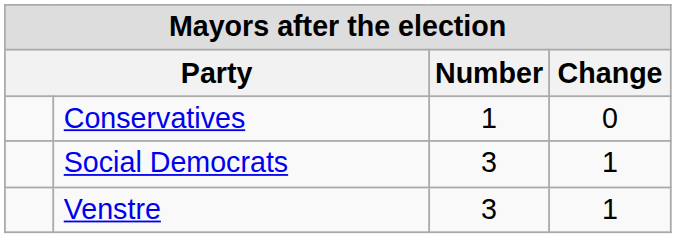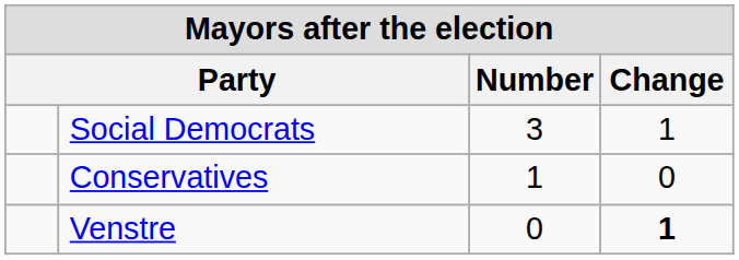 <table class="wikitable" style="">
 <tr>
 <td colspan="4" style="background:#dddddd; text-align:center;"><strong>Mayors after the election</strong></td>
 </tr>
 <tr>
 <th colspan="2">Party</th>
 <th style="width:60px;">Number</th>
 <th style="width:60px;">Change</th>
 </tr>
 <tr>
 <td style="background:"></td>
+<td style="padding-left:5px;"><a href='#'>Social Democrats</a></td>
+<td style="text-align:center;">3</td>
+<td style="text-align:center;"> 1</td>
+</tr>
+<tr>
+<td style="background:"></td>
 <td style="padding-left:5px;"><a href='#'>Conservatives</a></td>
 <td style="text-align:center;">1</td>
 <td style="text-align:center;"> 0</td>
 </tr>
 <tr>
-<td style="background:"></td>
-<td style="padding-left:5px;"><a href='#'>Social Democrats</a></td>
-<td style="text-align:center;">3</td>
-<td style="text-align:center;"> 1</td>
-</tr>
-<tr>
 <td style="width:20px; background:"></td>
 <td style="width:200px; padding-left:5px;"><a href='#'>Venstre</a></td>
-<td style="text-align:center;">3</td>
-<td style="text-align:center;"> 1</td>
+<td style="text-align:center;">0</td>
+<td style="text-align:center;"><strong> 1</strong></td>
 </tr>
 </table>
